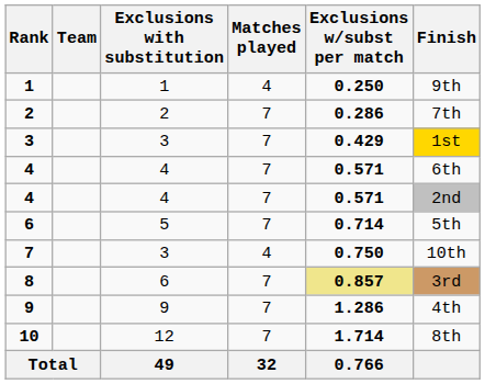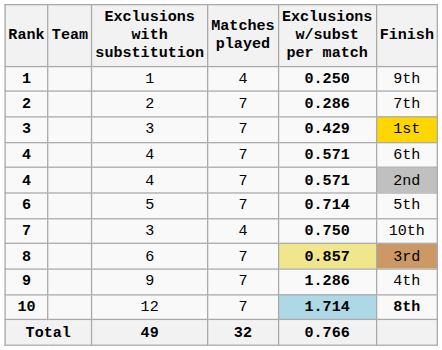 <table class="wikitable sortable" style="text-align: center; font-size: 90%; margin-left: 1em;">
 <tr>
 <th>Rank</th>
 <th>Team</th>
 <th>Exclusions<br>with<br>substitution</th>
 <th>Matches<br>played</th>
 <th>Exclusions<br>w/subst<br>per match</th>
 <th>Finish</th>
 </tr>
 <tr>
 <td><strong>1</strong></td>
 <td style="text-align: left;"></td>
 <td>1</td>
 <td>4</td>
 <td><strong>0.250</strong></td>
 <td>9th</td>
 </tr>
 <tr>
 <td><strong>2</strong></td>
 <td style="text-align: left;"></td>
 <td>2</td>
 <td>7</td>
 <td><strong>0.286</strong></td>
 <td>7th</td>
 </tr>
 <tr>
 <td><strong>3</strong></td>
 <td style="text-align: left;"></td>
 <td>3</td>
 <td>7</td>
 <td><strong>0.429</strong></td>
 <td style="background-color: gold;">1st</td>
 </tr>
 <tr>
 <td><strong>4</strong></td>
 <td style="text-align: left;"></td>
 <td>4</td>
 <td>7</td>
 <td><strong>0.571</strong></td>
 <td>6th</td>
 </tr>
 <tr>
 <td><strong>4</strong></td>
 <td style="text-align: left;"></td>
 <td>4</td>
 <td>7</td>
 <td><strong>0.571</strong></td>
 <td style="background-color: silver;">2nd</td>
 </tr>
 <tr>
 <td><strong>6</strong></td>
 <td style="text-align: left;"></td>
 <td>5</td>
 <td>7</td>
 <td><strong>0.714</strong></td>
 <td>5th</td>
 </tr>
 <tr>
 <td><strong>7</strong></td>
 <td style="text-align: left;"></td>
 <td>3</td>
 <td>4</td>
 <td><strong>0.750</strong></td>
 <td>10th</td>
 </tr>
 <tr>
 <td><strong>8</strong></td>
 <td style="text-align: left;"></td>
 <td>6</td>
 <td>7</td>
 <td style="background: khaki;"><strong>0.857</strong></td>
 <td style="background-color: #cc9966;">3rd</td>
 </tr>
 <tr>
 <td><strong>9</strong></td>
 <td style="text-align: left;"></td>
 <td>9</td>
 <td>7</td>
 <td><strong>1.286</strong></td>
 <td>4th</td>
 </tr>
 <tr>
 <td><strong>10</strong></td>
 <td style="text-align: left;"></td>
 <td>12</td>
 <td>7</td>
-<td><strong>1.714</strong></td>
-<td>8th</td>
+<td style="background: lightblue;"><strong>1.714</strong></td>
+<td><strong>8th</strong></td>
 </tr>
 <tr>
 <th colspan="2">Total</th>
 <th>49</th>
 <th>32</th>
 <th>0.766</th>
 <th></th>
 </tr>
 </table>
